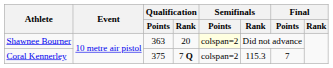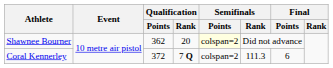 <table class="wikitable" style="font-size:90%">
 <tr>
 <th rowspan=2>Athlete</th>
 <th rowspan=2>Event</th>
 <th colspan=2>Qualification</th>
 <th colspan=2>Semifinals</th>
 <th colspan=2>Final</th>
 </tr>
 <tr style="font-size:95%">
 <th>Points</th>
 <th>Rank</th>
 <th>Points</th>
 <th>Rank</th>
 <th>Points</th>
 <th>Rank</th>
 </tr>
 <tr align=center>
 <td align=left><a href='#'>Shawnee Bourner</a></td>
 <td align=left rowspan="2"><a href='#'>10 metre air pistol</a></td>
-<td>363</td>
+<td>362</td>
 <td>20</td>
 <td style="background: lightyellow;">colspan=2 </td>
 <td colspan=2>Did not advance</td>
 </tr>
 <tr align=center>
 <td align=left><a href='#'>Coral Kennerley</a></td>
-<td>375</td>
+<td>372</td>
 <td>7 <strong>Q</strong></td>
 <td>colspan=2 </td>
-<td>115.3</td>
-<td>7</td>
+<td>111.3</td>
+<td>6</td>
 </tr>
 </table>
